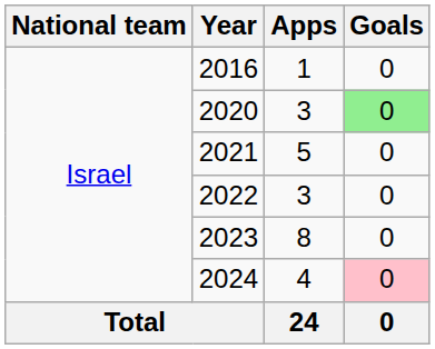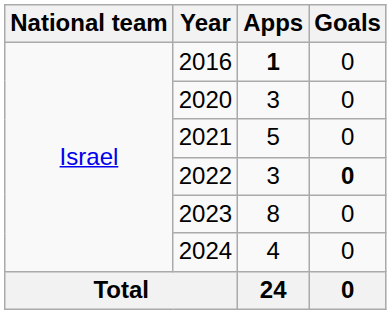 <table class="wikitable" style="text-align:center">
 <tr>
 <th>National team</th>
 <th>Year</th>
 <th>Apps</th>
 <th>Goals</th>
 </tr>
 <tr>
 <td rowspan="6"><a href='#'>Israel</a></td>
 <td>2016</td>
-<td>1</td>
+<td><strong>1</strong></td>
 <td>0</td>
 </tr>
 <tr>
 <td>2020</td>
 <td>3</td>
-<td style="background: lightgreen;">0</td>
+<td>0</td>
 </tr>
 <tr>
 <td>2021</td>
 <td>5</td>
 <td>0</td>
 </tr>
 <tr>
 <td>2022</td>
 <td>3</td>
-<td>0</td>
+<td><strong>0</strong></td>
 </tr>
 <tr>
 <td>2023</td>
 <td>8</td>
 <td>0</td>
 </tr>
 <tr>
 <td>2024</td>
 <td>4</td>
-<td style="background: pink;">0</td>
+<td>0</td>
 </tr>
 <tr>
 <th colspan="2">Total</th>
 <th>24</th>
 <th>0</th>
 </tr>
 </table>
